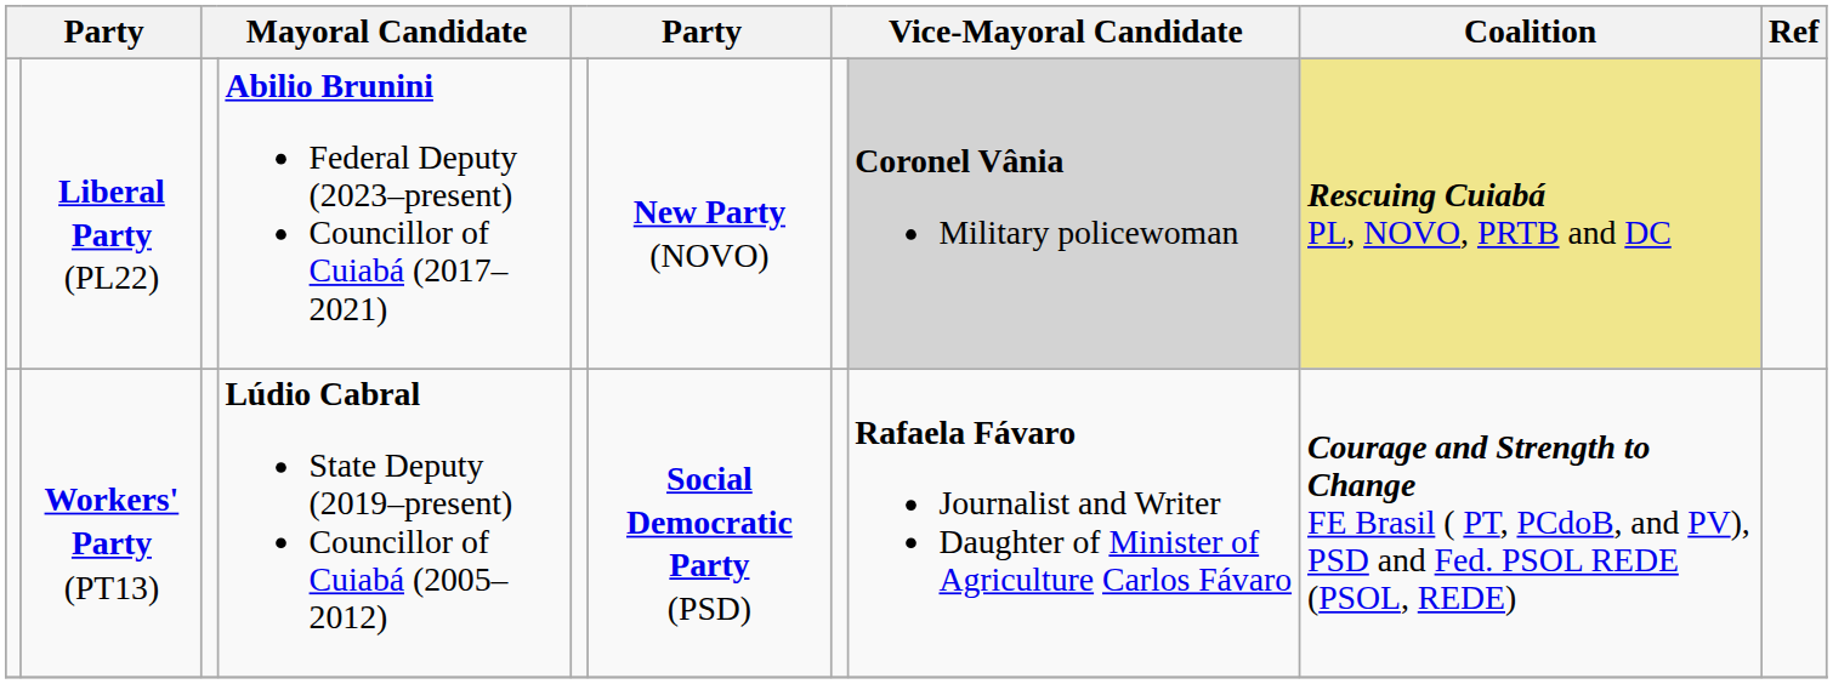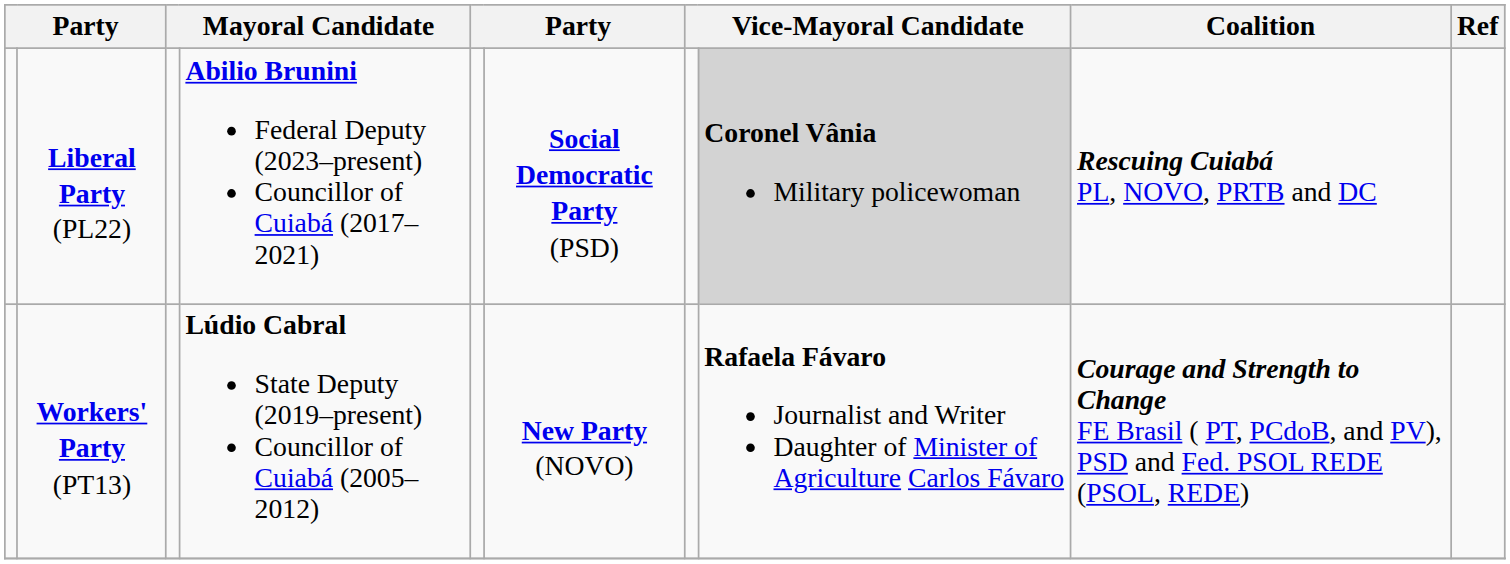 <table class="wikitable">
 <tr>
 <th colspan="2">Party</th>
 <th colspan="2">Mayoral Candidate</th>
 <th colspan="2">Party</th>
 <th colspan="2">Vice-Mayoral Candidate</th>
 <th>Coalition</th>
 <th>Ref</th>
 </tr>
 <tr>
 <td style="background:"></td>
 <td style="text-align:center; line-height:1.3"><br><strong><a href='#'>Liberal Party</a></strong><br>(PL22)</td>
 <td></td>
 <td><strong><a href='#'>Abilio Brunini</a></strong><br><ul><li>Federal Deputy (2023–present)</li><li>Councillor of <a href='#'>Cuiabá</a> (2017–2021)</li></ul></td>
 <td style="background:"></td>
-<td style="text-align:center; line-height:1.3"><br><strong><a href='#'>New Party</a></strong><br>(NOVO)</td>
+<td style="text-align:center; line-height:1.3"><br><strong><a href='#'>Social Democratic Party</a></strong><br>(PSD)</td>
 <td></td>
 <td style="background: lightgrey;"><strong>Coronel Vânia</strong><br><ul><li>Military policewoman</li></ul></td>
-<td style="background: khaki;"><strong><em>Rescuing Cuiabá</em></strong><br><a href='#'>PL</a>, <a href='#'>NOVO</a>, <a href='#'>PRTB</a> and <a href='#'>DC</a></td>
+<td><strong><em>Rescuing Cuiabá</em></strong><br><a href='#'>PL</a>, <a href='#'>NOVO</a>, <a href='#'>PRTB</a> and <a href='#'>DC</a></td>
 <td></td>
 </tr>
 <tr>
 <td style="background:"></td>
 <td style="text-align:center; line-height:1.3"><br><strong><a href='#'>Workers' Party</a></strong><br>(PT13)</td>
 <td></td>
 <td><strong>Lúdio Cabral</strong><br><ul><li>State Deputy (2019–present)</li><li>Councillor of <a href='#'>Cuiabá</a> (2005–2012)</li></ul></td>
 <td style="background:"></td>
-<td style="text-align:center; line-height:1.3"><br><strong><a href='#'>Social Democratic Party</a></strong><br>(PSD)</td>
+<td style="text-align:center; line-height:1.3"><br><strong><a href='#'>New Party</a></strong><br>(NOVO)</td>
 <td></td>
 <td><strong>Rafaela Fávaro</strong><br><ul><li>Journalist and Writer</li><li>Daughter of <a href='#'>Minister of Agriculture</a> <a href='#'>Carlos Fávaro</a></li></ul></td>
 <td><strong><em>Courage and Strength to Change</em></strong><br><a href='#'>FE Brasil</a> ( <a href='#'>PT</a>, <a href='#'>PCdoB</a>, and <a href='#'>PV</a>), <a href='#'>PSD</a> and <a href='#'>Fed. PSOL REDE</a> (<a href='#'>PSOL</a>, <a href='#'>REDE</a>)</td>
 <td></td>
 </tr>
 <tr>
 </tr>
 </table>
